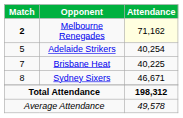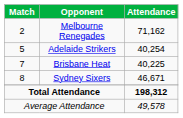 <table class="wikitable" style="text-align:center; font-size:90%">
 <tr>
 <th style="width:50px; background:#00B13F; color:white; text-align:center;">Match</th>
 <th style="width:130px; background:#00B13F; color:white; text-align:center;" class="unsortable">Opponent</th>
 <th style="width:80px; background:#00B13F; color:white; text-align:center;">Attendance</th>
 </tr>
 <tr>
-<td><strong>2</strong></td>
+<td>2</td>
 <td><a href='#'>Melbourne Renegades</a></td>
-<td style="background: lightyellow;">71,162</td>
+<td>71,162</td>
 </tr>
 <tr>
 <td>5</td>
 <td><a href='#'>Adelaide Strikers</a></td>
 <td>40,254</td>
 </tr>
 <tr>
 <td>7</td>
 <td><a href='#'>Brisbane Heat</a></td>
 <td>40,225</td>
 </tr>
 <tr>
 <td>8</td>
 <td><a href='#'>Sydney Sixers</a></td>
 <td>46,671</td>
 </tr>
 <tr>
 </tr>
 <tr class="sortbottom">
 <td colspan="2"><strong>Total Attendance</strong></td>
 <td><strong>198,312</strong></td>
 </tr>
 <tr class="sortbottom">
 <td colspan="2"><em>Average Attendance</em></td>
 <td><em>49,578</em></td>
 </tr>
 </table>
